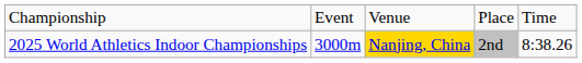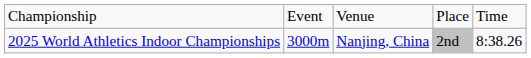 <table class="wikitable">
 <tr>
 <td>Championship</td>
 <td>Event</td>
 <td>Venue</td>
 <td>Place</td>
 <td>Time</td>
 </tr>
 <tr>
 <td><a href='#'>2025 World Athletics Indoor Championships</a></td>
 <td><a href='#'>3000m</a></td>
-<td style="background: gold;"><a href='#'>Nanjing, China</a></td>
+<td><a href='#'>Nanjing, China</a></td>
 <td bgcolor=silver>2nd</td>
 <td>8:38.26</td>
 </tr>
 </table>
